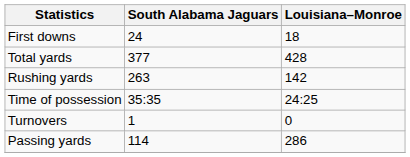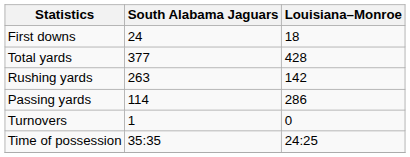 <table class="wikitable" style="float: right;">
 <tr>
 <th>Statistics</th>
 <th>South Alabama Jaguars</th>
 <th>Louisiana–Monroe</th>
 </tr>
 <tr>
 <td>First downs</td>
 <td>24</td>
 <td>18</td>
 </tr>
 <tr>
 <td>Total yards</td>
 <td>377</td>
 <td>428</td>
 </tr>
 <tr>
 <td>Rushing yards</td>
 <td>263</td>
 <td>142</td>
 </tr>
 <tr>
-<td>Time of possession</td>
-<td>35:35</td>
-<td>24:25</td>
+<td>Passing yards</td>
+<td>114</td>
+<td>286</td>
 </tr>
 <tr>
 <td>Turnovers</td>
 <td>1</td>
 <td>0</td>
 </tr>
 <tr>
-<td>Passing yards</td>
-<td>114</td>
-<td>286</td>
+<td>Time of possession</td>
+<td>35:35</td>
+<td>24:25</td>
 </tr>
 <tr>
 </tr>
 </table>
